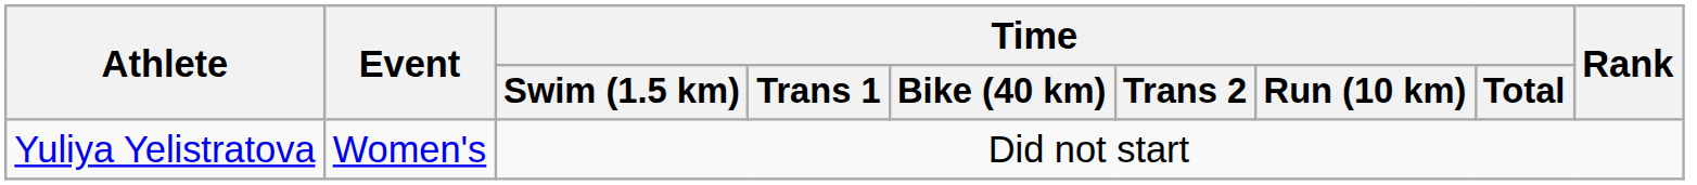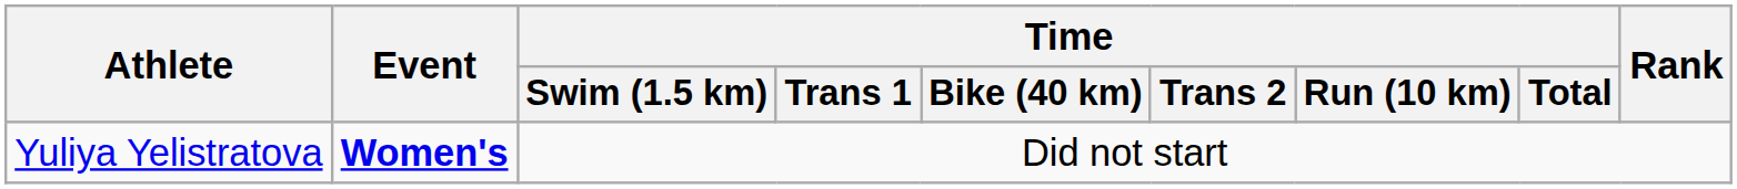 <table class="wikitable" style="font-size:90%">
 <tr>
 <th rowspan=2>Athlete</th>
 <th rowspan=2>Event</th>
 <th colspan=6>Time</th>
 <th rowspan=2>Rank</th>
 </tr>
 <tr style="font-size:95%">
 <th>Swim (1.5 km)</th>
 <th>Trans 1</th>
 <th>Bike (40 km)</th>
 <th>Trans 2</th>
 <th>Run (10 km)</th>
 <th>Total</th>
 </tr>
 <tr align=center>
 <td align=left><a href='#'>Yuliya Yelistratova</a></td>
-<td align=left><a href='#'>Women's</a></td>
+<td align=left><strong><a href='#'>Women's</a></strong></td>
 <td colspan="7">Did not start</td>
 </tr>
 </table>
